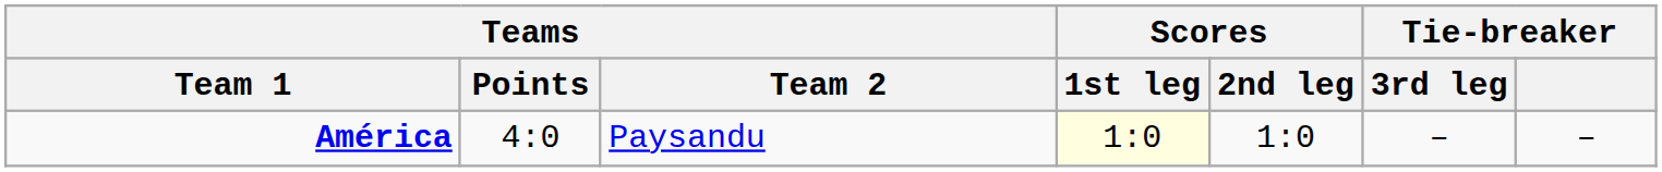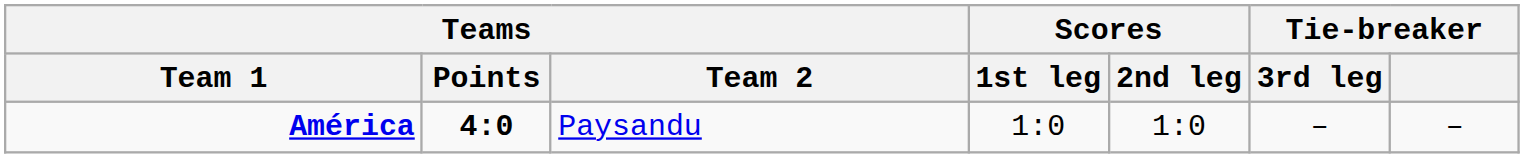 <table class="wikitable" style="text-align:center;">
 <tr>
 <th colspan=3>Teams</th>
 <th colspan=2>Scores</th>
 <th colspan=2>Tie-breaker</th>
 </tr>
 <tr>
 <th width="175">Team 1</th>
 <th width="50">Points</th>
 <th width="175">Team 2</th>
 <th width="55">1st leg</th>
 <th width="55">2nd leg</th>
 <th width="55">3rd leg</th>
 <th width="50"></th>
 </tr>
 <tr>
 <td align=right><strong><a href='#'>América</a></strong> </td>
-<td>4:0</td>
+<td><strong>4:0</strong></td>
 <td align=left> <a href='#'>Paysandu</a></td>
-<td style="background: lightyellow;">1:0</td>
+<td>1:0</td>
 <td>1:0</td>
 <td>–</td>
 <td>–</td>
 </tr>
 </table>
